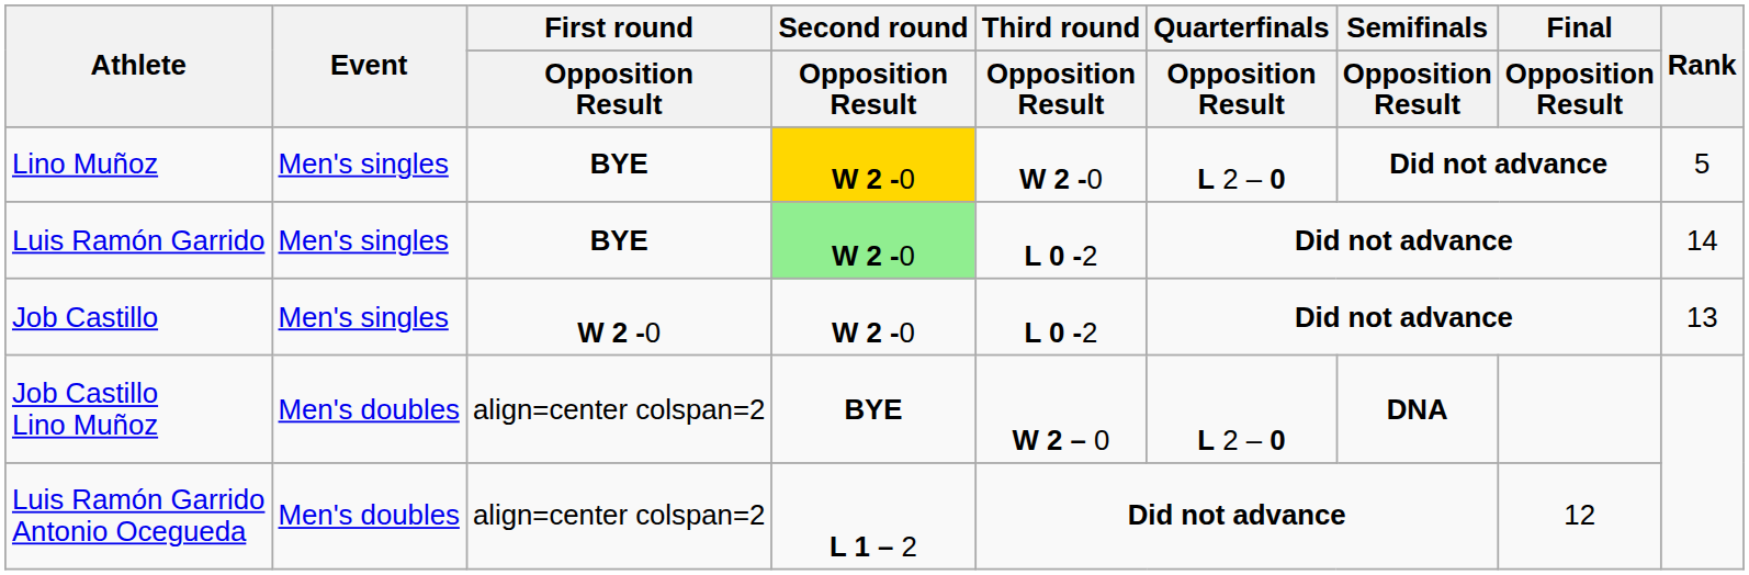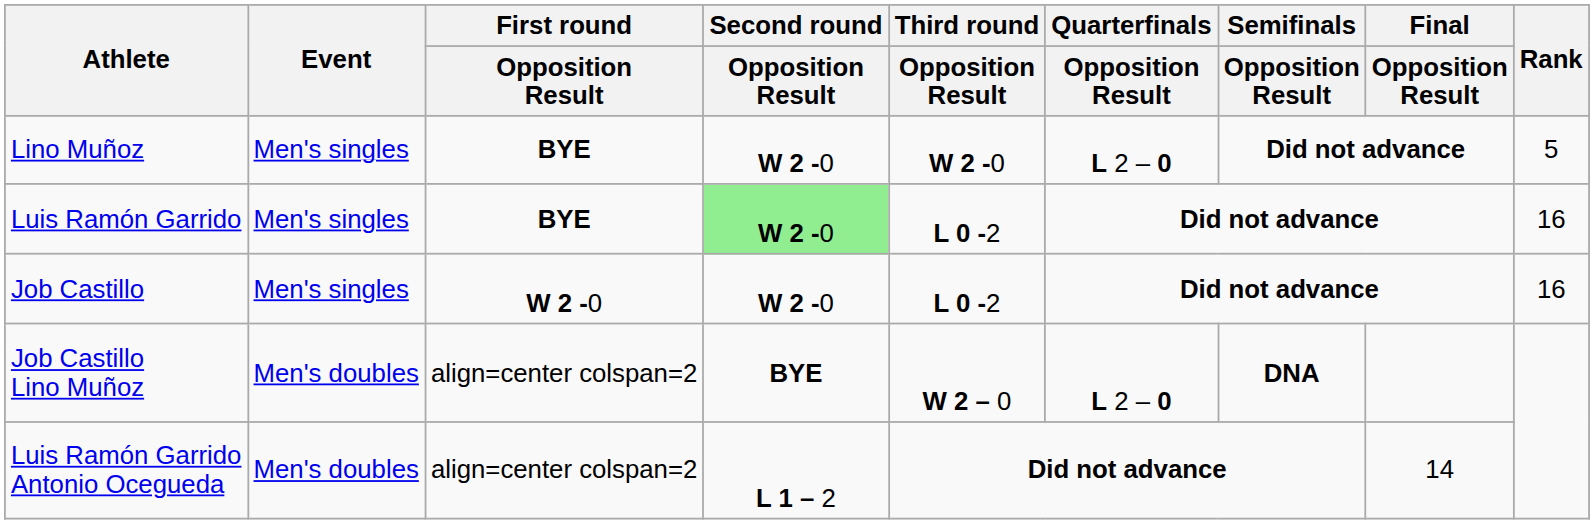 <table class="wikitable" style="font-size:90%">
 <tr>
 <th rowspan="2">Athlete</th>
 <th rowspan="2">Event</th>
 <th>First round</th>
 <th>Second round</th>
 <th>Third round</th>
 <th>Quarterfinals</th>
 <th>Semifinals</th>
 <th>Final</th>
 <th rowspan="2">Rank</th>
 </tr>
 <tr>
 <th>Opposition<br>Result</th>
 <th>Opposition<br>Result</th>
 <th>Opposition<br>Result</th>
 <th>Opposition<br>Result</th>
 <th>Opposition<br>Result</th>
 <th>Opposition<br>Result</th>
 </tr>
 <tr>
 <td><a href='#'>Lino Muñoz</a></td>
 <td><a href='#'>Men's singles</a></td>
 <td align=center><strong>BYE</strong></td>
-<td align=center style="background: gold;"><br> <strong>W 2 -</strong>0</td>
+<td align=center><br> <strong>W 2 -</strong>0</td>
 <td align=center><br> <strong>W 2 -</strong>0</td>
 <td align=center><br> <strong>L</strong> 2 – <strong>0</strong></td>
 <td align=center colspan=2><strong>Did not advance</strong></td>
 <td align=center>5</td>
 </tr>
 <tr>
 <td><a href='#'>Luis Ramón Garrido</a></td>
 <td><a href='#'>Men's singles</a></td>
 <td align=center><strong>BYE</strong></td>
 <td align=center style="background: lightgreen;"><br> <strong>W 2 -</strong>0</td>
 <td align=center><br> <strong>L 0 -</strong>2</td>
 <td align=center colspan=3><strong>Did not advance</strong></td>
-<td align=center>14</td>
+<td align=center>16</td>
 </tr>
 <tr>
 <td><a href='#'>Job Castillo</a></td>
 <td><a href='#'>Men's singles</a></td>
 <td align=center><br> <strong>W 2 -</strong>0</td>
 <td align=center><br> <strong>W 2 -</strong>0</td>
 <td align=center><br> <strong>L 0 -</strong>2</td>
 <td align=center colspan=3><strong>Did not advance</strong></td>
-<td align=center>13</td>
+<td align=center>16</td>
 </tr>
 <tr>
 <td><a href='#'>Job Castillo</a><br><a href='#'>Lino Muñoz</a></td>
 <td><a href='#'>Men's doubles</a></td>
 <td>align=center colspan=2 </td>
 <td align=center><strong>BYE</strong></td>
 <td align=center><br><br> <strong>W 2 – </strong>0</td>
 <td align=center><br><br> <strong>L</strong> 2 – <strong>0</strong></td>
 <td align=center><strong>DNA</strong></td>
 <td align=center></td>
 </tr>
 <tr>
 <td><a href='#'>Luis Ramón Garrido</a><br><a href='#'>Antonio Ocegueda</a></td>
 <td><a href='#'>Men's doubles</a></td>
 <td>align=center colspan=2 </td>
 <td align=center><br><br> <strong>L 1 – </strong>2</td>
 <td align=center colspan=3><strong>Did not advance</strong></td>
-<td align=center>12</td>
+<td align=center>14</td>
 </tr>
 </table>
